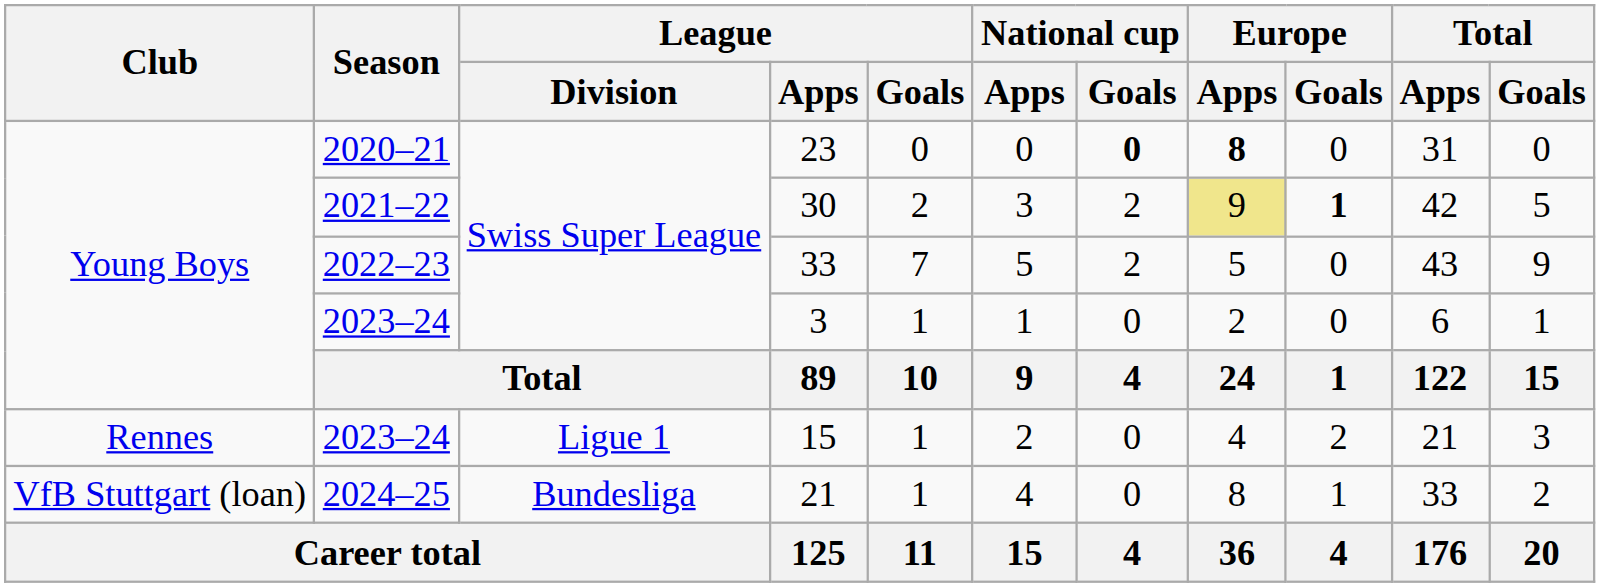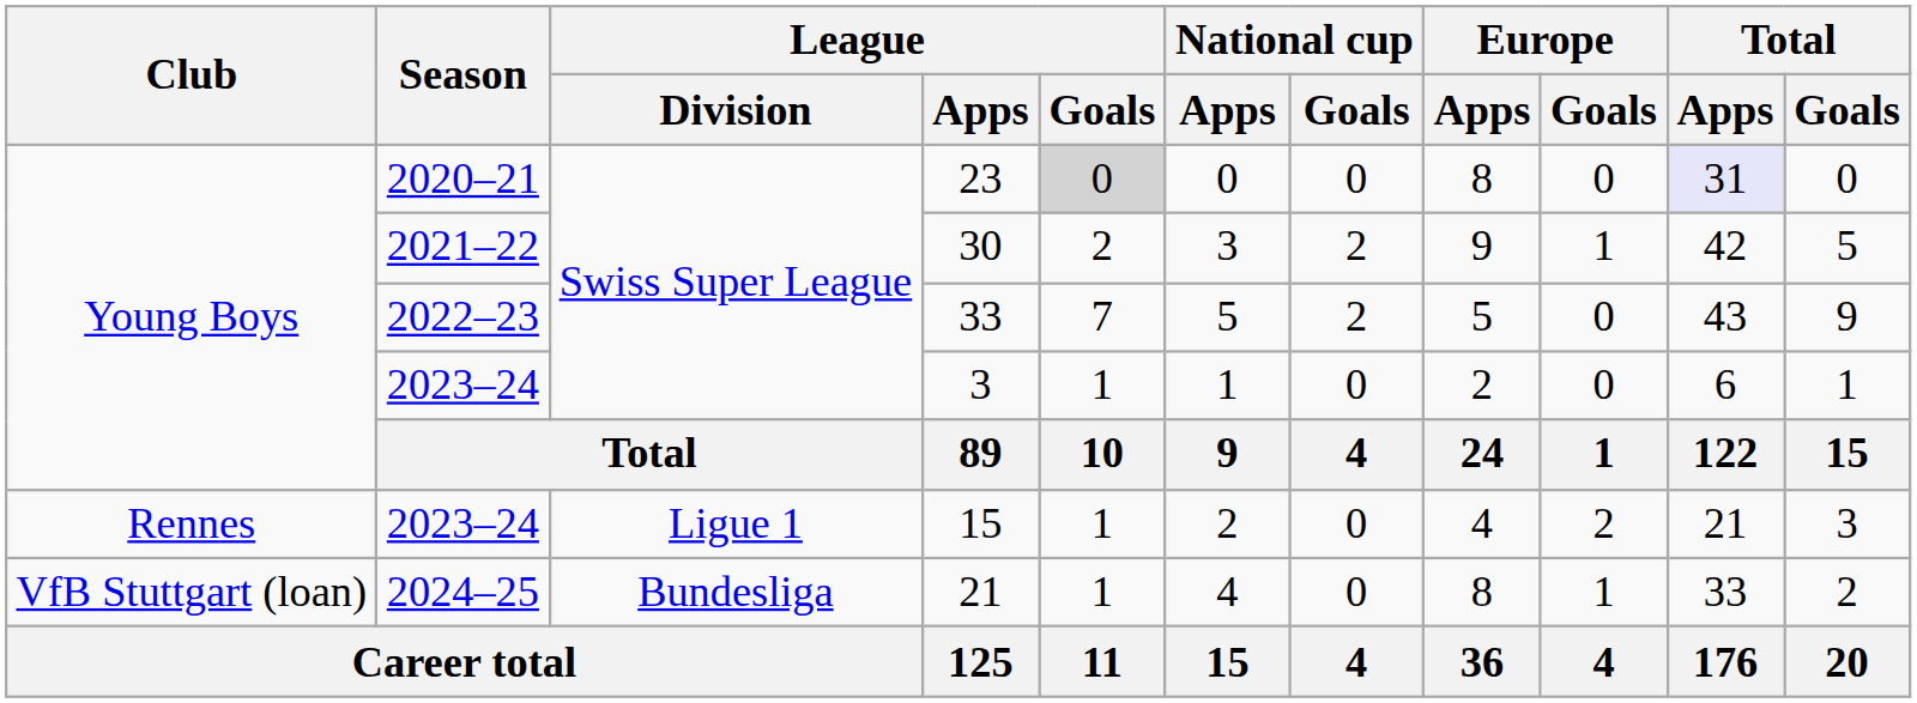 <table class="wikitable" style="text-align:center">
 <tr>
 <th rowspan="2">Club</th>
 <th rowspan="2">Season</th>
 <th colspan="3">League</th>
 <th colspan="2">National cup</th>
 <th colspan="2">Europe</th>
 <th colspan="2">Total</th>
 </tr>
 <tr>
 <th>Division</th>
 <th>Apps</th>
 <th>Goals</th>
 <th>Apps</th>
 <th>Goals</th>
 <th>Apps</th>
 <th>Goals</th>
 <th>Apps</th>
 <th>Goals</th>
 </tr>
 <tr>
 <td rowspan="5"><a href='#'>Young Boys</a></td>
 <td><a href='#'>2020–21</a></td>
 <td rowspan="4"><a href='#'>Swiss Super League</a></td>
 <td>23</td>
+<td style="background: lightgrey;">0</td>
 <td>0</td>
 <td>0</td>
-<td><strong>0</strong></td>
-<td><strong>8</strong></td>
+<td>8</td>
 <td>0</td>
-<td>31</td>
+<td style="background: lavender;">31</td>
 <td>0</td>
 </tr>
 <tr>
 <td><a href='#'>2021–22</a></td>
 <td>30</td>
 <td>2</td>
 <td>3</td>
 <td>2</td>
-<td style="background: khaki;">9</td>
-<td><strong>1</strong></td>
+<td>9</td>
+<td>1</td>
 <td>42</td>
 <td>5</td>
 </tr>
 <tr>
 <td><a href='#'>2022–23</a></td>
 <td>33</td>
 <td>7</td>
 <td>5</td>
 <td>2</td>
 <td>5</td>
 <td>0</td>
 <td>43</td>
 <td>9</td>
 </tr>
 <tr>
 <td><a href='#'>2023–24</a></td>
 <td>3</td>
 <td>1</td>
 <td>1</td>
 <td>0</td>
 <td>2</td>
 <td>0</td>
 <td>6</td>
 <td>1</td>
 </tr>
 <tr>
 <th colspan="2">Total</th>
 <th>89</th>
 <th>10</th>
 <th>9</th>
 <th>4</th>
 <th>24</th>
 <th>1</th>
 <th>122</th>
 <th>15</th>
 </tr>
 <tr>
 <td><a href='#'>Rennes</a></td>
 <td><a href='#'>2023–24</a></td>
 <td><a href='#'>Ligue 1</a></td>
 <td>15</td>
 <td>1</td>
 <td>2</td>
 <td>0</td>
 <td>4</td>
 <td>2</td>
 <td>21</td>
 <td>3</td>
 </tr>
 <tr>
 <td><a href='#'>VfB Stuttgart</a> (loan)</td>
 <td><a href='#'>2024–25</a></td>
 <td><a href='#'>Bundesliga</a></td>
 <td>21</td>
 <td>1</td>
 <td>4</td>
 <td>0</td>
 <td>8</td>
 <td>1</td>
 <td>33</td>
 <td>2</td>
 </tr>
 <tr>
 <th colspan="3">Career total</th>
 <th>125</th>
 <th>11</th>
 <th>15</th>
 <th>4</th>
 <th>36</th>
 <th>4</th>
 <th>176</th>
 <th>20</th>
 </tr>
 </table>
